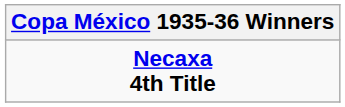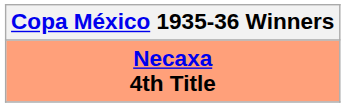 <table class="wikitable" style="text-align: center; margin: 0 auto;">
 <tr>
 <th><a href='#'>Copa México</a> 1935-36 Winners</th>
 </tr>
 <tr>
-<td><strong><a href='#'>Necaxa</a></strong><br><strong>4th Title</strong></td>
+<td style="background: lightsalmon;"><strong><a href='#'>Necaxa</a></strong><br><strong>4th Title</strong></td>
 </tr>
 </table>
